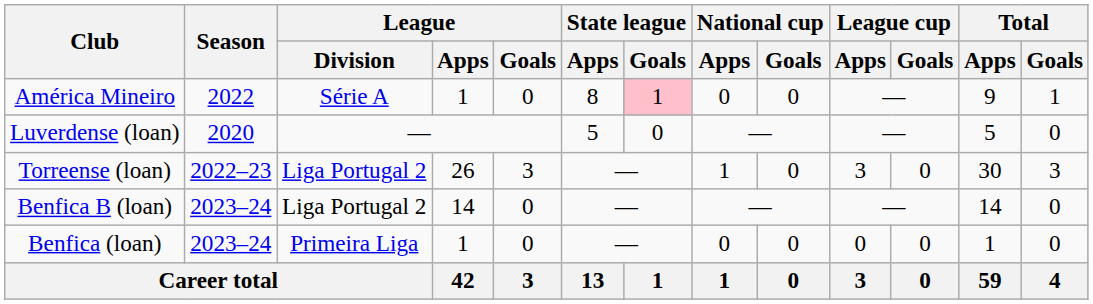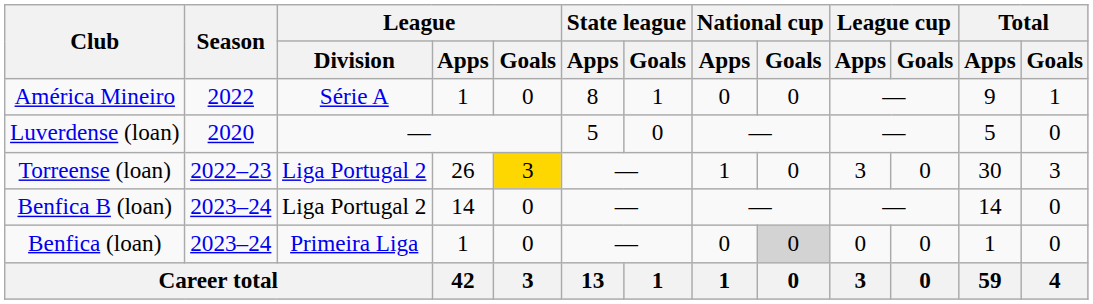 <table class="wikitable" style="text-align: center;">
 <tr>
 <th rowspan="2">Club</th>
 <th rowspan="2">Season</th>
 <th colspan="3">League</th>
 <th colspan="2">State league</th>
 <th colspan="2">National cup</th>
 <th colspan="2">League cup</th>
 <th colspan="2">Total</th>
 </tr>
 <tr>
 <th>Division</th>
 <th>Apps</th>
 <th>Goals</th>
 <th>Apps</th>
 <th>Goals</th>
 <th>Apps</th>
 <th>Goals</th>
 <th>Apps</th>
 <th>Goals</th>
 <th>Apps</th>
 <th>Goals</th>
 </tr>
 <tr>
 <td><a href='#'>América Mineiro</a></td>
 <td><a href='#'>2022</a></td>
 <td><a href='#'>Série A</a></td>
 <td>1</td>
 <td>0</td>
 <td>8</td>
-<td style="background: pink;">1</td>
+<td>1</td>
 <td>0</td>
 <td>0</td>
 <td colspan="2">—</td>
 <td>9</td>
 <td>1</td>
 </tr>
 <tr>
 <td><a href='#'>Luverdense</a> (loan)</td>
 <td><a href='#'>2020</a></td>
 <td colspan="3">—</td>
 <td>5</td>
 <td>0</td>
 <td colspan="2">—</td>
 <td colspan="2">—</td>
 <td>5</td>
 <td>0</td>
 </tr>
 <tr>
 <td><a href='#'>Torreense</a> (loan)</td>
 <td><a href='#'>2022–23</a></td>
 <td><a href='#'>Liga Portugal 2</a></td>
 <td>26</td>
-<td>3</td>
+<td style="background: gold;">3</td>
 <td colspan=2>—</td>
 <td>1</td>
 <td>0</td>
 <td>3</td>
 <td>0</td>
 <td>30</td>
 <td>3</td>
 </tr>
 <tr>
 <td><a href='#'>Benfica B</a> (loan)</td>
 <td><a href='#'>2023–24</a></td>
 <td>Liga Portugal 2</td>
 <td>14</td>
 <td>0</td>
 <td colspan="2">—</td>
 <td colspan="2">—</td>
 <td colspan="2">—</td>
 <td>14</td>
 <td>0</td>
 </tr>
 <tr>
 <td><a href='#'>Benfica</a> (loan)</td>
 <td><a href='#'>2023–24</a></td>
 <td><a href='#'>Primeira Liga</a></td>
 <td>1</td>
 <td>0</td>
 <td colspan="2">—</td>
 <td>0</td>
-<td>0</td>
+<td style="background: lightgrey;">0</td>
 <td>0</td>
 <td>0</td>
 <td>1</td>
 <td>0</td>
 </tr>
 <tr>
 <th colspan="3"><strong>Career total</strong></th>
 <th>42</th>
 <th>3</th>
 <th>13</th>
 <th>1</th>
 <th>1</th>
 <th>0</th>
 <th>3</th>
 <th>0</th>
 <th>59</th>
 <th>4</th>
 </tr>
 </table>
